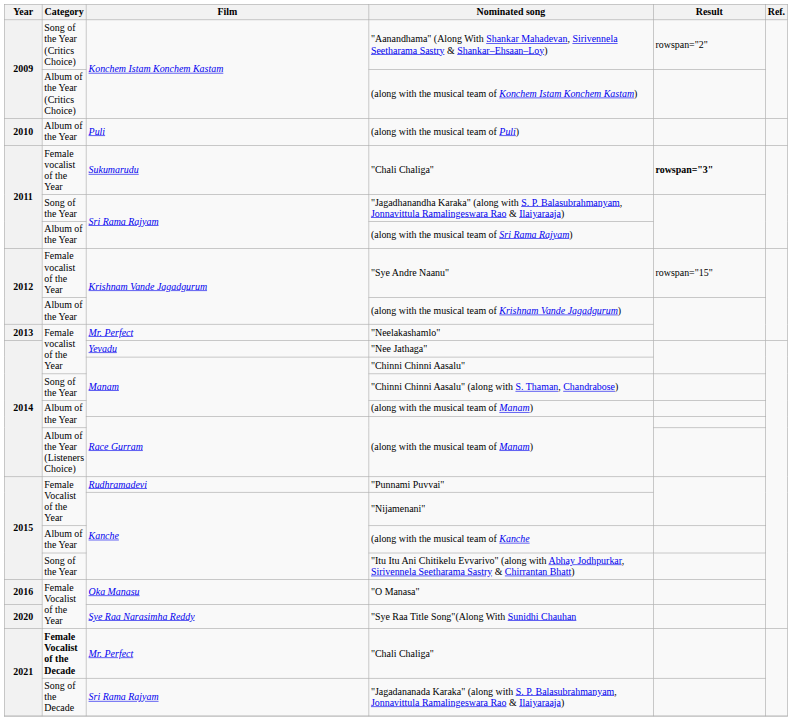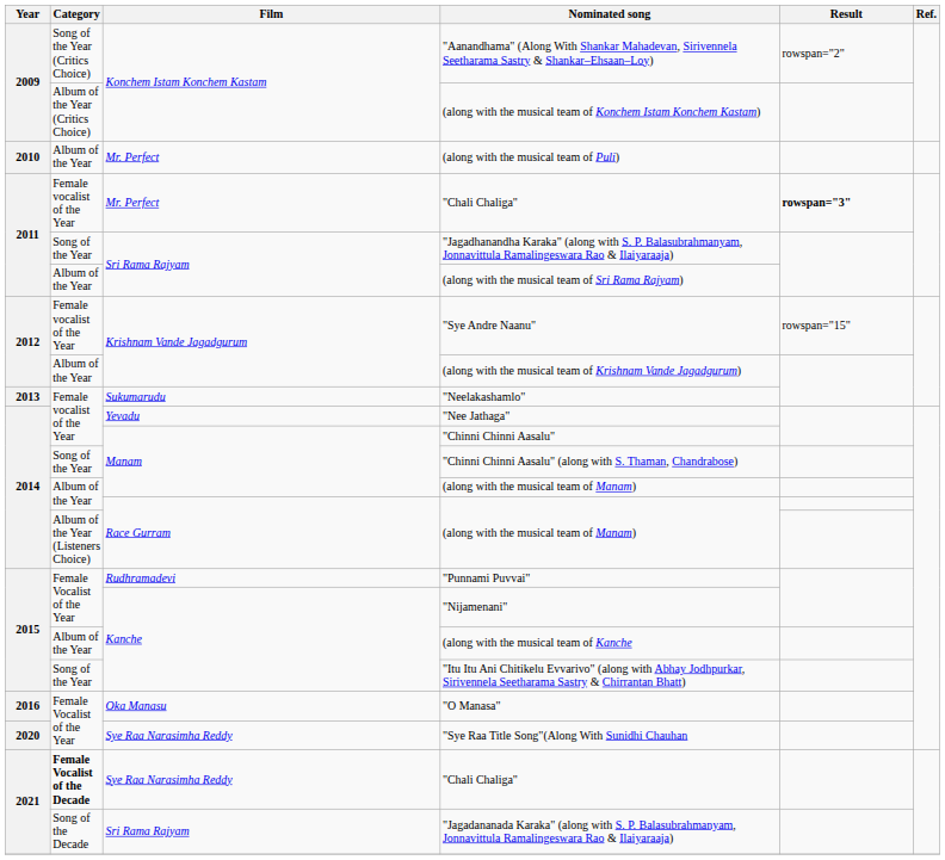 <table class="wikitable plainrowheaders" width="100%" textcolor:#000;">
 <tr>
 <th scope="col" width=5%><strong>Year</strong></th>
 <th>Category</th>
 <th scope="col" width=39%><strong>Film</strong></th>
 <th scope="col" width=39%><strong>Nominated song</strong></th>
 <th scope="col" width=15%><strong>Result</strong></th>
 <th scope="col" width=2%><strong>Ref.</strong></th>
 </tr>
 <tr>
 <th rowspan="2">2009</th>
 <td>Song of the Year (Critics Choice)</td>
 <td rowspan="2"><em><a href='#'>Konchem Istam Konchem Kastam</a></em></td>
 <td>"Aanandhama" (Along With <a href='#'>Shankar Mahadevan</a>, <a href='#'>Sirivennela Seetharama Sastry</a> & <a href='#'>Shankar–Ehsaan–Loy</a>)</td>
 <td>rowspan="2" </td>
 <td rowspan="2"></td>
 </tr>
 <tr>
 <td>Album of the Year (Critics Choice)</td>
 <td>(along with the musical team of <em><a href='#'>Konchem Istam Konchem Kastam</a></em>)</td>
 </tr>
 <tr>
 <th>2010</th>
 <td>Album of the Year</td>
-<td><a href='#'><em>Puli</em></a></td>
+<td><a href='#'><em>Mr. Perfect</em></a></td>
 <td>(along with the musical team of <a href='#'><em>Puli</em></a>)</td>
 <td></td>
 <td></td>
 </tr>
 <tr>
 <th rowspan="3" scope="row">2011</th>
 <td>Female vocalist of the Year</td>
-<td><em><a href='#'>Sukumarudu</a></em></td>
+<td><em><a href='#'>Mr. Perfect</a></em></td>
 <td>"Chali Chaliga"</td>
 <td><strong>rowspan="3"</strong></td>
 <td rowspan="3"></td>
 </tr>
 <tr>
 <td>Song of the Year</td>
 <td rowspan="2"><em><a href='#'>Sri Rama Rajyam</a></em></td>
 <td>"Jagadhanandha Karaka" (along with <a href='#'>S. P. Balasubrahmanyam</a>, <a href='#'>Jonnavittula Ramalingeswara Rao</a> & <a href='#'>Ilaiyaraaja</a>)</td>
 </tr>
 <tr>
 <td>Album of the Year</td>
 <td>(along with the musical team of <em><a href='#'>Sri Rama Rajyam</a></em>)</td>
 </tr>
 <tr>
 <th rowspan="2">2012</th>
 <td>Female vocalist of the Year</td>
 <td rowspan="2"><em><a href='#'>Krishnam Vande Jagadgurum</a></em></td>
 <td>"Sye Andre Naanu"</td>
 <td>rowspan="15" </td>
 <td rowspan="3"></td>
 </tr>
 <tr>
 <td>Album of the Year</td>
 <td>(along with the musical team of <em><a href='#'>Krishnam Vande Jagadgurum</a></em>)</td>
 </tr>
 <tr>
 <th scope="row">2013</th>
 <td rowspan="3">Female vocalist of the Year</td>
-<td><em><a href='#'>Mr. Perfect</a></em></td>
+<td><em><a href='#'>Sukumarudu</a></em></td>
 <td>"Neelakashamlo"</td>
 </tr>
 <tr>
 <th rowspan="6" scope="row">2014</th>
 <td><em><a href='#'>Yevadu</a></em></td>
 <td>"Nee Jathaga"</td>
 <td rowspan="2"></td>
 </tr>
 <tr>
 <td rowspan="3"><em><a href='#'>Manam</a></em></td>
 <td>"Chinni Chinni Aasalu"</td>
 </tr>
 <tr>
 <td>Song of the Year</td>
 <td>"Chinni Chinni Aasalu" (along with <a href='#'>S. Thaman</a>, <a href='#'>Chandrabose</a>)</td>
 <td></td>
 </tr>
 <tr>
 <td rowspan="2">Album of the Year</td>
 <td>(along with the musical team of <a href='#'><em>Manam</em></a>)</td>
 <td></td>
 </tr>
 <tr>
 <td rowspan="2"><em><a href='#'>Race Gurram</a></em></td>
 <td rowspan="2">(along with the musical team of <a href='#'><em>Manam</em></a>)</td>
 <td></td>
 </tr>
 <tr>
 <td>Album of the Year (Listeners Choice)</td>
 <td></td>
 </tr>
 <tr>
 <th rowspan="4" scope="row">2015</th>
 <td rowspan="2">Female Vocalist of the Year</td>
 <td><em><a href='#'>Rudhramadevi</a></em></td>
 <td>"Punnami Puvvai"</td>
 <td rowspan="2"></td>
 </tr>
 <tr>
 <td rowspan="3"><em><a href='#'>Kanche</a></em></td>
 <td>"Nijamenani"</td>
 </tr>
 <tr>
 <td>Album of the Year</td>
 <td>(along with the musical team of <em><a href='#'>Kanche</a></em></td>
 <td></td>
 </tr>
 <tr>
 <td>Song of the Year</td>
 <td>"Itu Itu Ani Chitikelu Evvarivo" (along with <a href='#'>Abhay Jodhpurkar</a>, <a href='#'>Sirivennela Seetharama Sastry</a> & <a href='#'>Chirrantan Bhatt</a>)</td>
 <td></td>
 </tr>
 <tr>
 <th scope="row">2016</th>
 <td rowspan="2">Female Vocalist of the Year</td>
 <td><em><a href='#'>Oka Manasu</a></em></td>
 <td>"O Manasa"</td>
 <td></td>
 </tr>
 <tr>
 <th>2020</th>
 <td><em><a href='#'>Sye Raa Narasimha Reddy</a></em></td>
 <td>"Sye Raa Title Song"(Along With <a href='#'>Sunidhi Chauhan</a></td>
 <td></td>
 </tr>
 <tr>
 <th rowspan="2"><strong>2021</strong></th>
 <td><strong>Female Vocalist of the Decade</strong></td>
-<td><a href='#'><em>Mr. Perfect</em></a></td>
+<td><em><a href='#'>Sye Raa Narasimha Reddy</a></em></td>
 <td>"Chali Chaliga"</td>
 <td></td>
 <td rowspan="2"></td>
 </tr>
 <tr>
 <td>Song of the Decade</td>
 <td><em><a href='#'>Sri Rama Rajyam</a></em></td>
 <td>"Jagadananada Karaka" (along with <a href='#'>S. P. Balasubrahmanyam</a>, <a href='#'>Jonnavittula Ramalingeswara Rao</a> & <a href='#'>Ilaiyaraaja</a>)</td>
 <td></td>
 </tr>
 <tr>
 </tr>
 </table>
